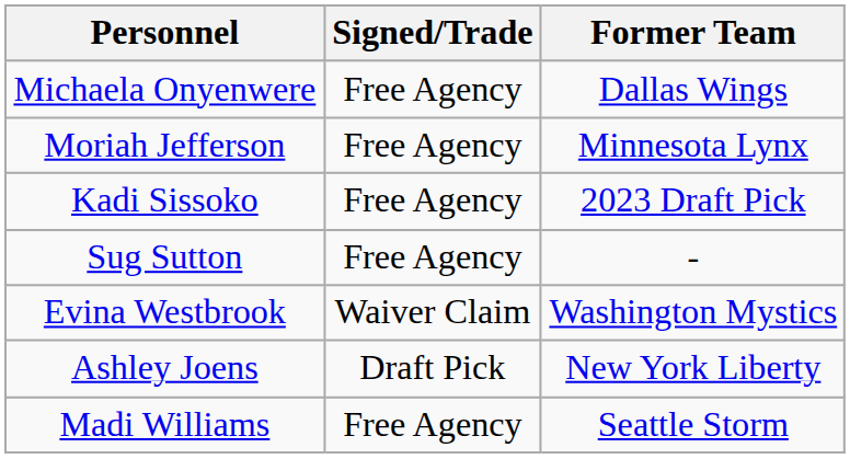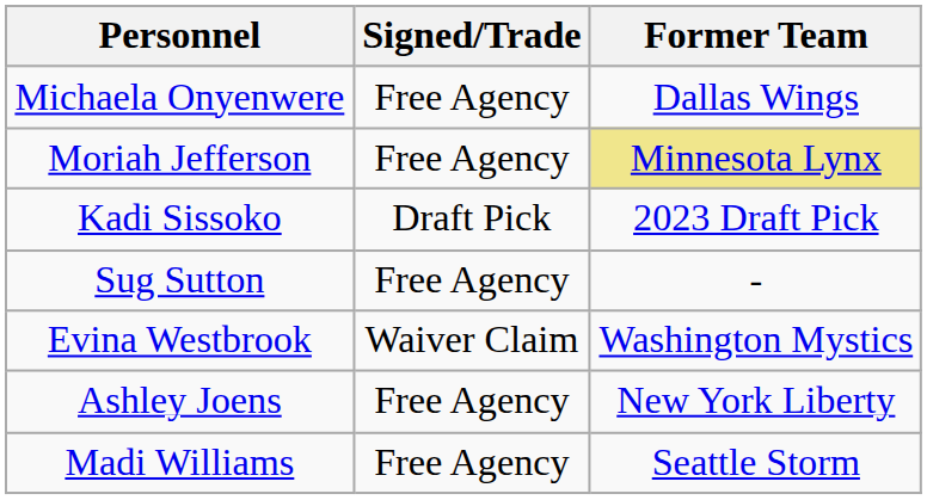 <table class="wikitable" style="text-align: center">
 <tr align="center" bgcolor="#dddddd">
 <th><strong>Personnel</strong></th>
 <th><strong>Signed/Trade</strong></th>
 <th><strong>Former Team</strong></th>
 </tr>
 <tr>
 <td><a href='#'>Michaela Onyenwere</a></td>
 <td>Free Agency</td>
 <td><a href='#'>Dallas Wings</a></td>
 </tr>
 <tr>
 <td><a href='#'>Moriah Jefferson</a></td>
 <td>Free Agency</td>
-<td><a href='#'>Minnesota Lynx</a></td>
+<td style="background: khaki;"><a href='#'>Minnesota Lynx</a></td>
 </tr>
 <tr>
 <td><a href='#'>Kadi Sissoko</a></td>
-<td>Free Agency</td>
+<td>Draft Pick</td>
 <td><a href='#'>2023 Draft Pick</a></td>
 </tr>
 <tr>
 <td><a href='#'>Sug Sutton</a></td>
 <td>Free Agency</td>
 <td>-</td>
 </tr>
 <tr>
 <td><a href='#'>Evina Westbrook</a></td>
 <td>Waiver Claim</td>
 <td><a href='#'>Washington Mystics</a></td>
 </tr>
 <tr>
 <td><a href='#'>Ashley Joens</a></td>
-<td>Draft Pick</td>
+<td>Free Agency</td>
 <td><a href='#'>New York Liberty</a></td>
 </tr>
 <tr>
 <td><a href='#'>Madi Williams</a></td>
 <td>Free Agency</td>
 <td><a href='#'>Seattle Storm</a></td>
 </tr>
 </table>
